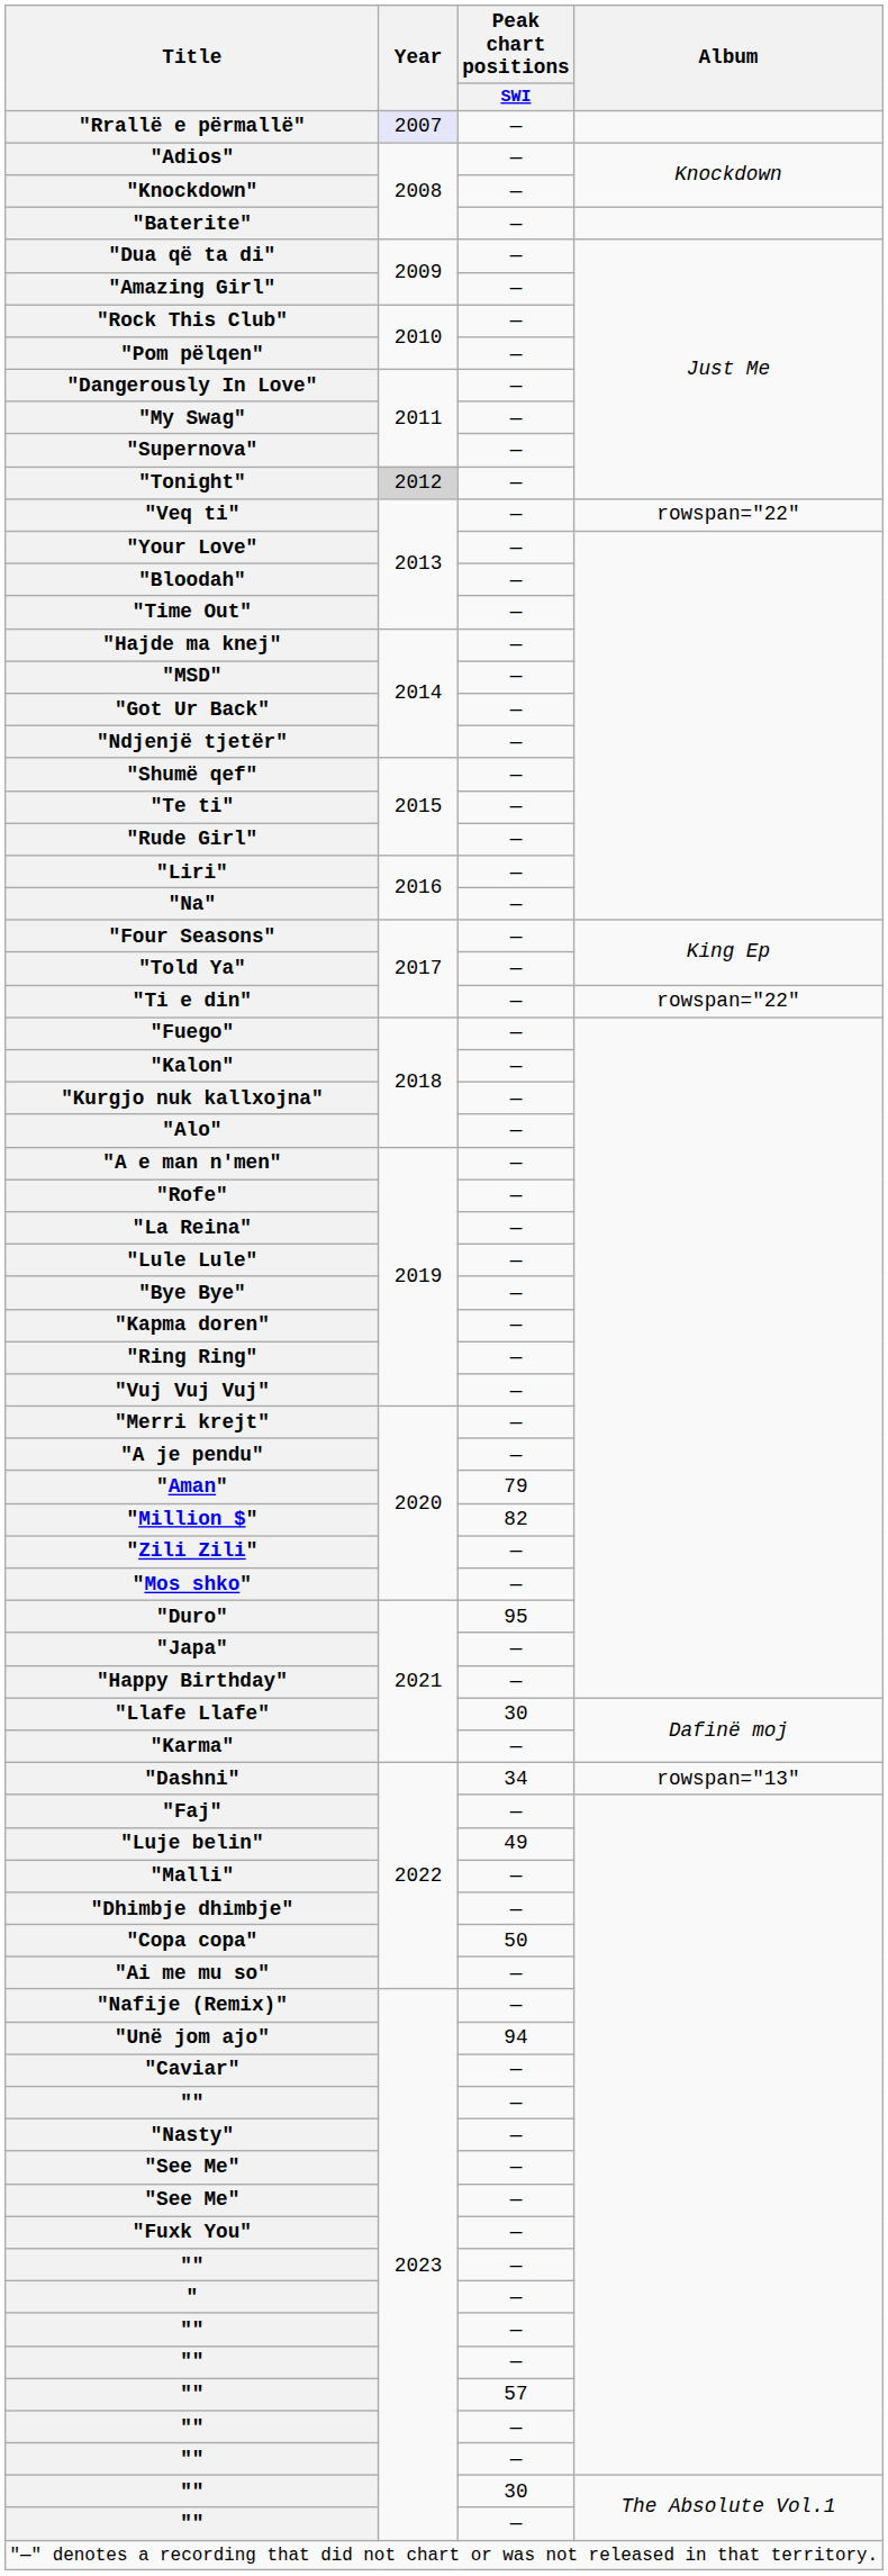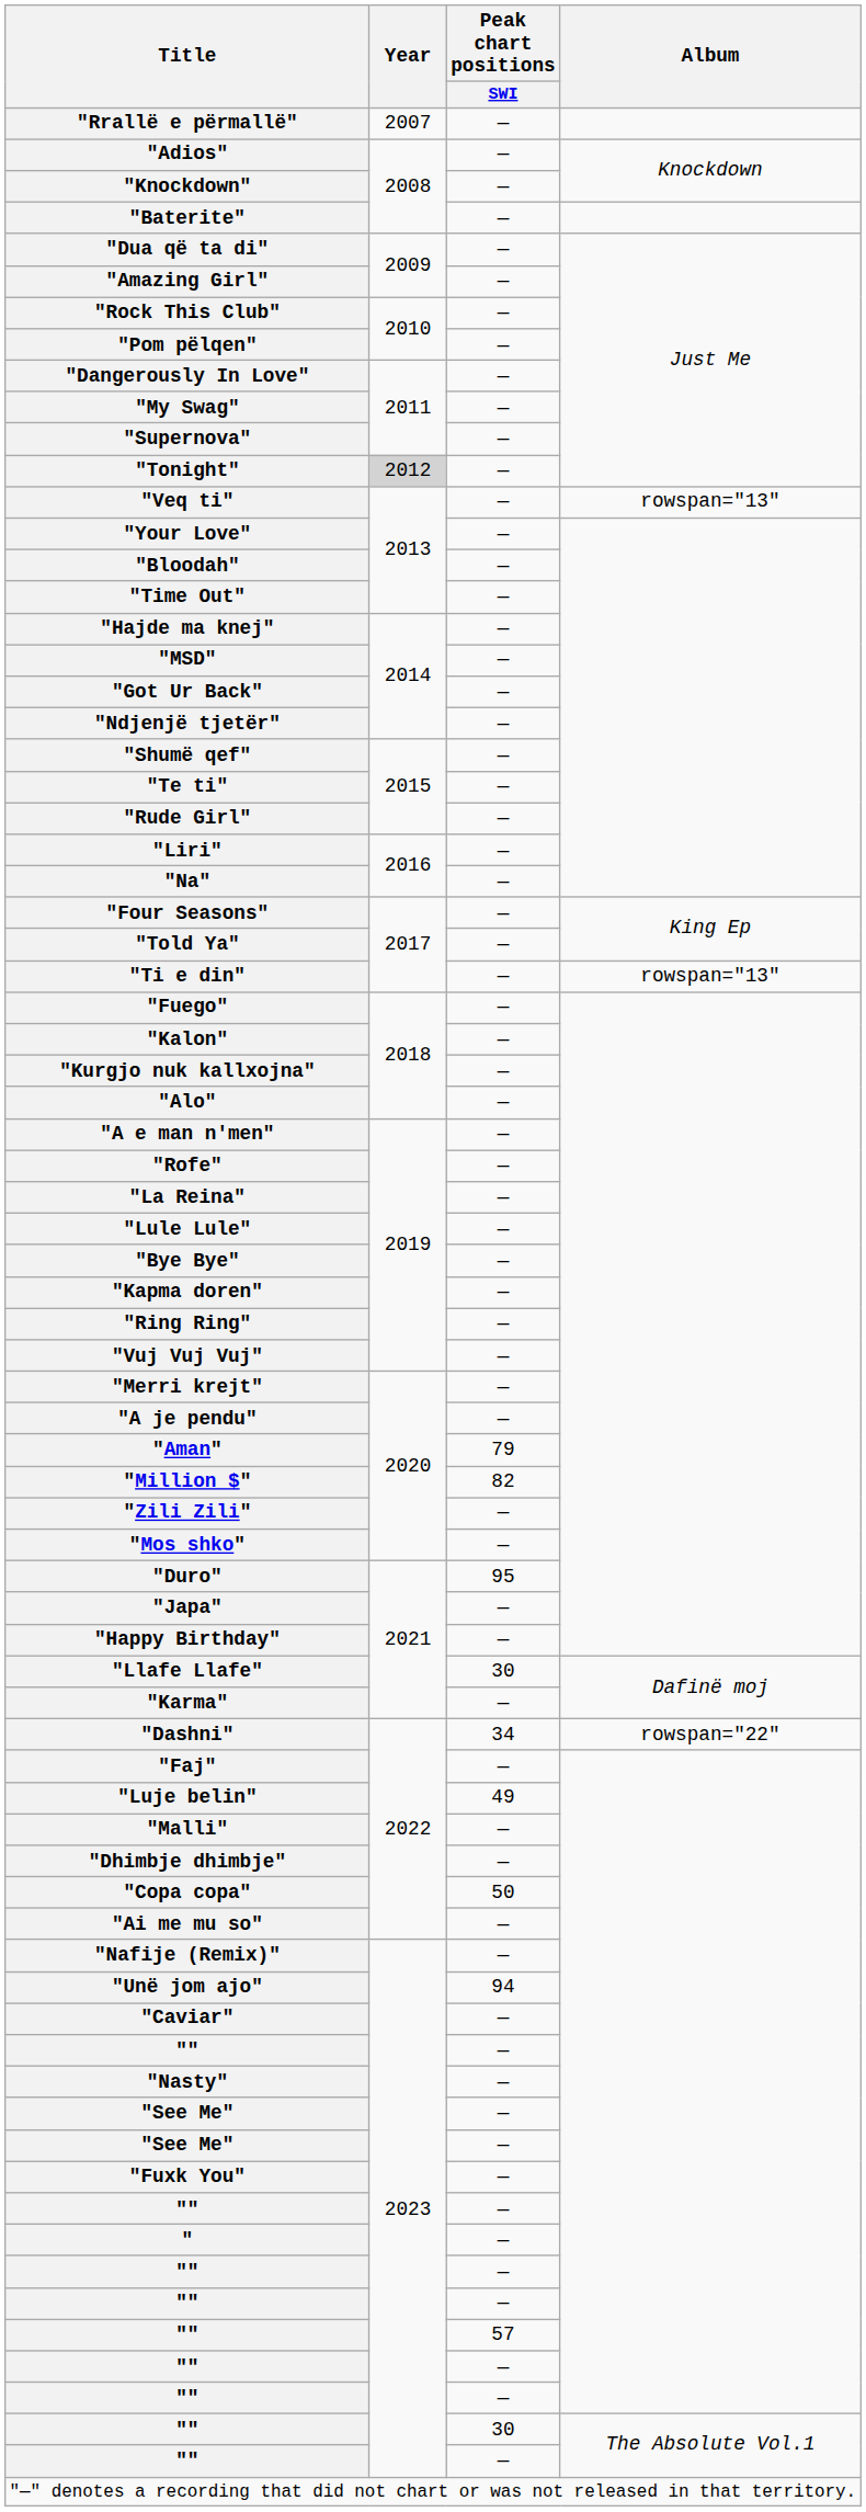 <table class="wikitable plainrowheaders" style="text-align:center;">
 <tr>
 <th scope="col" rowspan="2">Title</th>
 <th scope="col" rowspan="2">Year</th>
 <th scope="col" colspan="1">Peak<br>chart<br>positions</th>
 <th scope="col" rowspan="2">Album</th>
 </tr>
 <tr>
 <th style="width:3em; font-size:85%"><a href='#'>SWI</a><br></th>
 </tr>
 <tr>
 <th scope="row">"Rrallë e përmallë"</th>
-<td style="background: lavender;">2007</td>
+<td>2007</td>
 <td>—</td>
 <td></td>
 </tr>
 <tr>
 <th scope="row">"Adios"</th>
 <td rowspan="3">2008</td>
 <td>—</td>
 <td rowspan="2"><em>Knockdown</em></td>
 </tr>
 <tr>
 <th scope="row">"Knockdown"<br></th>
 <td>—</td>
 </tr>
 <tr>
 <th scope="row">"Baterite"</th>
 <td>—</td>
 <td></td>
 </tr>
 <tr>
 <th scope="row">"Dua që ta di"</th>
 <td rowspan="2">2009</td>
 <td>—</td>
 <td rowspan="8"><em>Just Me</em></td>
 </tr>
 <tr>
 <th scope="row">"Amazing Girl"</th>
 <td>—</td>
 </tr>
 <tr>
 <th scope="row">"Rock This Club"</th>
 <td rowspan="2">2010</td>
 <td>—</td>
 </tr>
 <tr>
 <th scope="row">"Pom pëlqen"<br></th>
 <td>—</td>
 </tr>
 <tr>
 <th scope="row">"Dangerously In Love"</th>
 <td rowspan="3">2011</td>
 <td>—</td>
 </tr>
 <tr>
 <th scope="row">"My Swag"</th>
 <td>—</td>
 </tr>
 <tr>
 <th scope="row">"Supernova"</th>
 <td>—</td>
 </tr>
 <tr>
 <th scope="row">"Tonight"<br></th>
 <td style="background: lightgrey;">2012</td>
 <td>—</td>
 </tr>
 <tr>
 <th scope="row">"Veq ti"</th>
 <td rowspan="4">2013</td>
 <td>—</td>
-<td>rowspan="22" </td>
+<td>rowspan="13" </td>
 </tr>
 <tr>
 <th scope="row">"Your Love"</th>
 <td>—</td>
 </tr>
 <tr>
 <th scope="row">"Bloodah"</th>
 <td>—</td>
 </tr>
 <tr>
 <th scope="row">"Time Out"</th>
 <td>—</td>
 </tr>
 <tr>
 <th scope="row">"Hajde ma knej"</th>
 <td rowspan="4">2014</td>
 <td>—</td>
 </tr>
 <tr>
 <th scope="row">"MSD"<br></th>
 <td>—</td>
 </tr>
 <tr>
 <th scope="row">"Got Ur Back"<br></th>
 <td>—</td>
 </tr>
 <tr>
 <th scope="row">"Ndjenjë tjetër"</th>
 <td>—</td>
 </tr>
 <tr>
 <th scope="row">"Shumë qef"</th>
 <td rowspan="3">2015</td>
 <td>—</td>
 </tr>
 <tr>
 <th scope="row">"Te ti"</th>
 <td>—</td>
 </tr>
 <tr>
 <th scope="row">"Rude Girl"<br></th>
 <td>—</td>
 </tr>
 <tr>
 <th scope="row">"Liri"<br></th>
 <td rowspan="2">2016</td>
 <td>—</td>
 </tr>
 <tr>
 <th scope="row">"Na"<br></th>
 <td>—</td>
 </tr>
 <tr>
 <th scope="row">"Four Seasons"</th>
 <td rowspan="3">2017</td>
 <td>—</td>
 <td rowspan="2"><em>King Ep</em></td>
 </tr>
 <tr>
 <th scope="row">"Told Ya"</th>
 <td>—</td>
 </tr>
 <tr>
 <th scope="row">"Ti e din"</th>
 <td>—</td>
-<td>rowspan="22" </td>
+<td>rowspan="13" </td>
 </tr>
 <tr>
 <th scope="row">"Fuego"</th>
 <td rowspan="4">2018</td>
 <td>—</td>
 </tr>
 <tr>
 <th scope="row">"Kalon"<br></th>
 <td>—</td>
 </tr>
 <tr>
 <th scope="row">"Kurgjo nuk kallxojna"</th>
 <td>—</td>
 </tr>
 <tr>
 <th scope="row">"Alo"<br></th>
 <td>—</td>
 </tr>
 <tr>
 <th scope="row">"A e man n'men"</th>
 <td rowspan="8">2019</td>
 <td>—</td>
 </tr>
 <tr>
 <th scope="row">"Rofe"</th>
 <td>—</td>
 </tr>
 <tr>
 <th scope="row">"La Reina"</th>
 <td>—</td>
 </tr>
 <tr>
 <th scope="row">"Lule Lule"<br></th>
 <td>—</td>
 </tr>
 <tr>
 <th scope="row">"Bye Bye"<br></th>
 <td>—</td>
 </tr>
 <tr>
 <th scope="row">"Kapma doren"<br></th>
 <td>—</td>
 </tr>
 <tr>
 <th scope="row">"Ring Ring"<br></th>
 <td>—</td>
 </tr>
 <tr>
 <th scope="row">"Vuj Vuj Vuj"</th>
 <td>—</td>
 </tr>
 <tr>
 <th scope="row">"Merri krejt"</th>
 <td rowspan="6">2020</td>
 <td>—</td>
 </tr>
 <tr>
 <th scope="row">"A je pendu"<br></th>
 <td>—</td>
 </tr>
 <tr>
 <th scope="row">"<a href='#'>Aman</a>"<br></th>
 <td>79</td>
 </tr>
 <tr>
 <th scope="row">"<a href='#'>Million $</a>"</th>
 <td>82</td>
 </tr>
 <tr>
 <th scope="row">"<a href='#'>Zili Zili</a>"</th>
 <td>—</td>
 </tr>
 <tr>
 <th scope="row">"<a href='#'>Mos shko</a>"<br></th>
 <td>—</td>
 </tr>
 <tr>
 <th scope="row">"Duro"</th>
 <td rowspan="5">2021</td>
 <td>95</td>
 </tr>
 <tr>
 <th scope="row">"Japa"</th>
 <td>—</td>
 </tr>
 <tr>
 <th scope="row">"Happy Birthday"</th>
 <td>—</td>
 </tr>
 <tr>
 <th scope="row">"Llafe Llafe"<br></th>
 <td>30</td>
 <td rowspan="2"><em>Dafinë moj</em></td>
 </tr>
 <tr>
 <th scope="row">"Karma"</th>
 <td>—</td>
 </tr>
 <tr>
 <th scope="row">"Dashni"<br></th>
 <td rowspan="7">2022</td>
 <td>34</td>
-<td>rowspan="13" </td>
+<td>rowspan="22" </td>
 </tr>
 <tr>
 <th scope="row">"Faj"<br></th>
 <td>—</td>
 </tr>
 <tr>
 <th scope="row">"Luje belin"<br></th>
 <td>49</td>
 </tr>
 <tr>
 <th scope="row">"Malli"</th>
 <td>—</td>
 </tr>
 <tr>
 <th scope="row">"Dhimbje dhimbje"</th>
 <td>—</td>
 </tr>
 <tr>
 <th scope="row">"Copa copa"<br></th>
 <td>50</td>
 </tr>
 <tr>
 <th scope="row">"Ai me mu so"<br></th>
 <td>—</td>
 </tr>
 <tr>
 <th scope="row">"Nafije (Remix)"<br></th>
 <td rowspan="17">2023</td>
 <td>—</td>
 </tr>
 <tr>
 <th scope="row">"Unë jom ajo"</th>
 <td>94</td>
 </tr>
 <tr>
 <th scope="row">"Caviar"</th>
 <td>—</td>
 </tr>
 <tr>
 <th scope="row">""<br></th>
 <td>—</td>
 </tr>
 <tr>
 <th scope="row">"Nasty"<br></th>
 <td>—</td>
 </tr>
 <tr>
 <th scope="row">"See Me"<br></th>
 <td>—</td>
 </tr>
 <tr>
 <th scope="row">"See Me"<br></th>
 <td>—</td>
 </tr>
 <tr>
 <th scope="row">"Fuxk You"<br></th>
 <td>—</td>
 </tr>
 <tr>
 <th scope="row">""<br></th>
 <td>—</td>
 </tr>
 <tr>
 <th scope="row">"</th>
 <td>—</td>
 </tr>
 <tr>
 <th scope="row">""<br></th>
 <td>—</td>
 </tr>
 <tr>
 <th scope="row">""<br></th>
 <td>—</td>
 </tr>
 <tr>
 <th scope="row">""<br></th>
 <td>57</td>
 </tr>
 <tr>
 <th scope="row">""<br></th>
 <td>—</td>
 </tr>
 <tr>
 <th scope="row">""<br></th>
 <td>—</td>
 </tr>
 <tr>
 <th scope="row">""<br></th>
 <td>30</td>
 <td rowspan="2"><em>The Absolute Vol.1</em></td>
 </tr>
 <tr>
 <th scope="row">""<br></th>
 <td>—</td>
 </tr>
 <tr>
 <td colspan="4" style="font-size:90%">"—" denotes a recording that did not chart or was not released in that territory.</td>
 </tr>
 </table>
